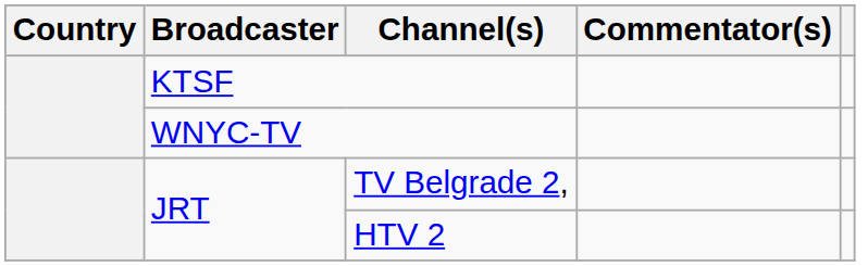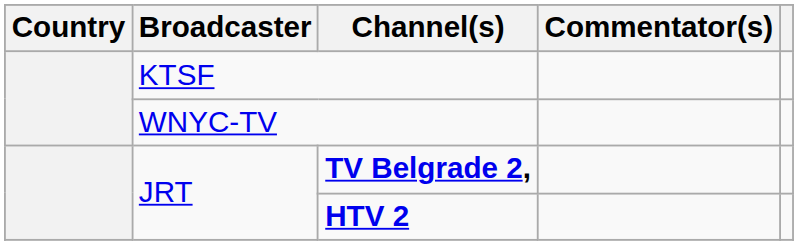 <table class="wikitable plainrowheaders">
 <tr>
 <th scope="col">Country</th>
 <th scope="col">Broadcaster</th>
 <th scope="col">Channel(s)</th>
 <th scope="col">Commentator(s)</th>
 <th scope="col"></th>
 </tr>
 <tr>
 <th scope="rowgroup" rowspan="2"></th>
 <td colspan="2"><a href='#'>KTSF</a></td>
 <td></td>
 <td style="text-align:center"></td>
 </tr>
 <tr>
 <td colspan="2"><a href='#'>WNYC-TV</a></td>
 <td></td>
 <td style="text-align:center"></td>
 </tr>
 <tr>
 <th scope="rowgroup" rowspan="2"></th>
 <td rowspan="2"><a href='#'>JRT</a></td>
-<td><a href='#'>TV Belgrade 2</a>, </td>
+<td><strong><a href='#'>TV Belgrade 2</a>, </strong></td>
 <td></td>
 <td style="text-align:center"></td>
 </tr>
 <tr>
-<td><a href='#'>HTV 2</a></td>
+<td><strong><a href='#'>HTV 2</a></strong></td>
 <td></td>
 <td style="text-align:center"></td>
 </tr>
 </table>
